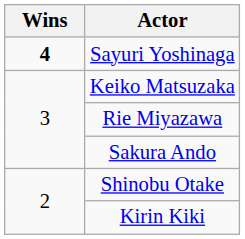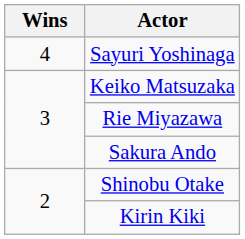 <table class="wikitable" style="text-align:center;">
 <tr>
 <th scope="col" width="55" align="center">Wins</th>
 <th scope="col" align="center">Actor</th>
 </tr>
 <tr>
-<td><strong>4</strong></td>
+<td>4</td>
 <td><a href='#'>Sayuri Yoshinaga</a></td>
 </tr>
 <tr>
 <td rowspan=3>3</td>
 <td><a href='#'>Keiko Matsuzaka</a></td>
 </tr>
 <tr>
 <td><a href='#'>Rie Miyazawa</a></td>
 </tr>
 <tr>
 <td><a href='#'>Sakura Ando</a></td>
 </tr>
 <tr>
 <td rowspan=2>2</td>
 <td><a href='#'>Shinobu Otake</a></td>
 </tr>
 <tr>
 <td><a href='#'>Kirin Kiki</a></td>
 </tr>
 </table>
